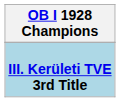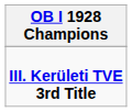 <table class="wikitable" style="text-align: center; margin: 0 auto;">
 <tr>
 <th><a href='#'>OB I</a> 1928<br>Champions</th>
 </tr>
 <tr>
 </tr>
 <tr>
-<td style="background: lightblue;"><br><strong><a href='#'>III. Kerületi TVE</a></strong><br><strong>3rd Title</strong></td>
+<td><br><strong><a href='#'>III. Kerületi TVE</a></strong><br><strong>3rd Title</strong></td>
 </tr>
 </table>
